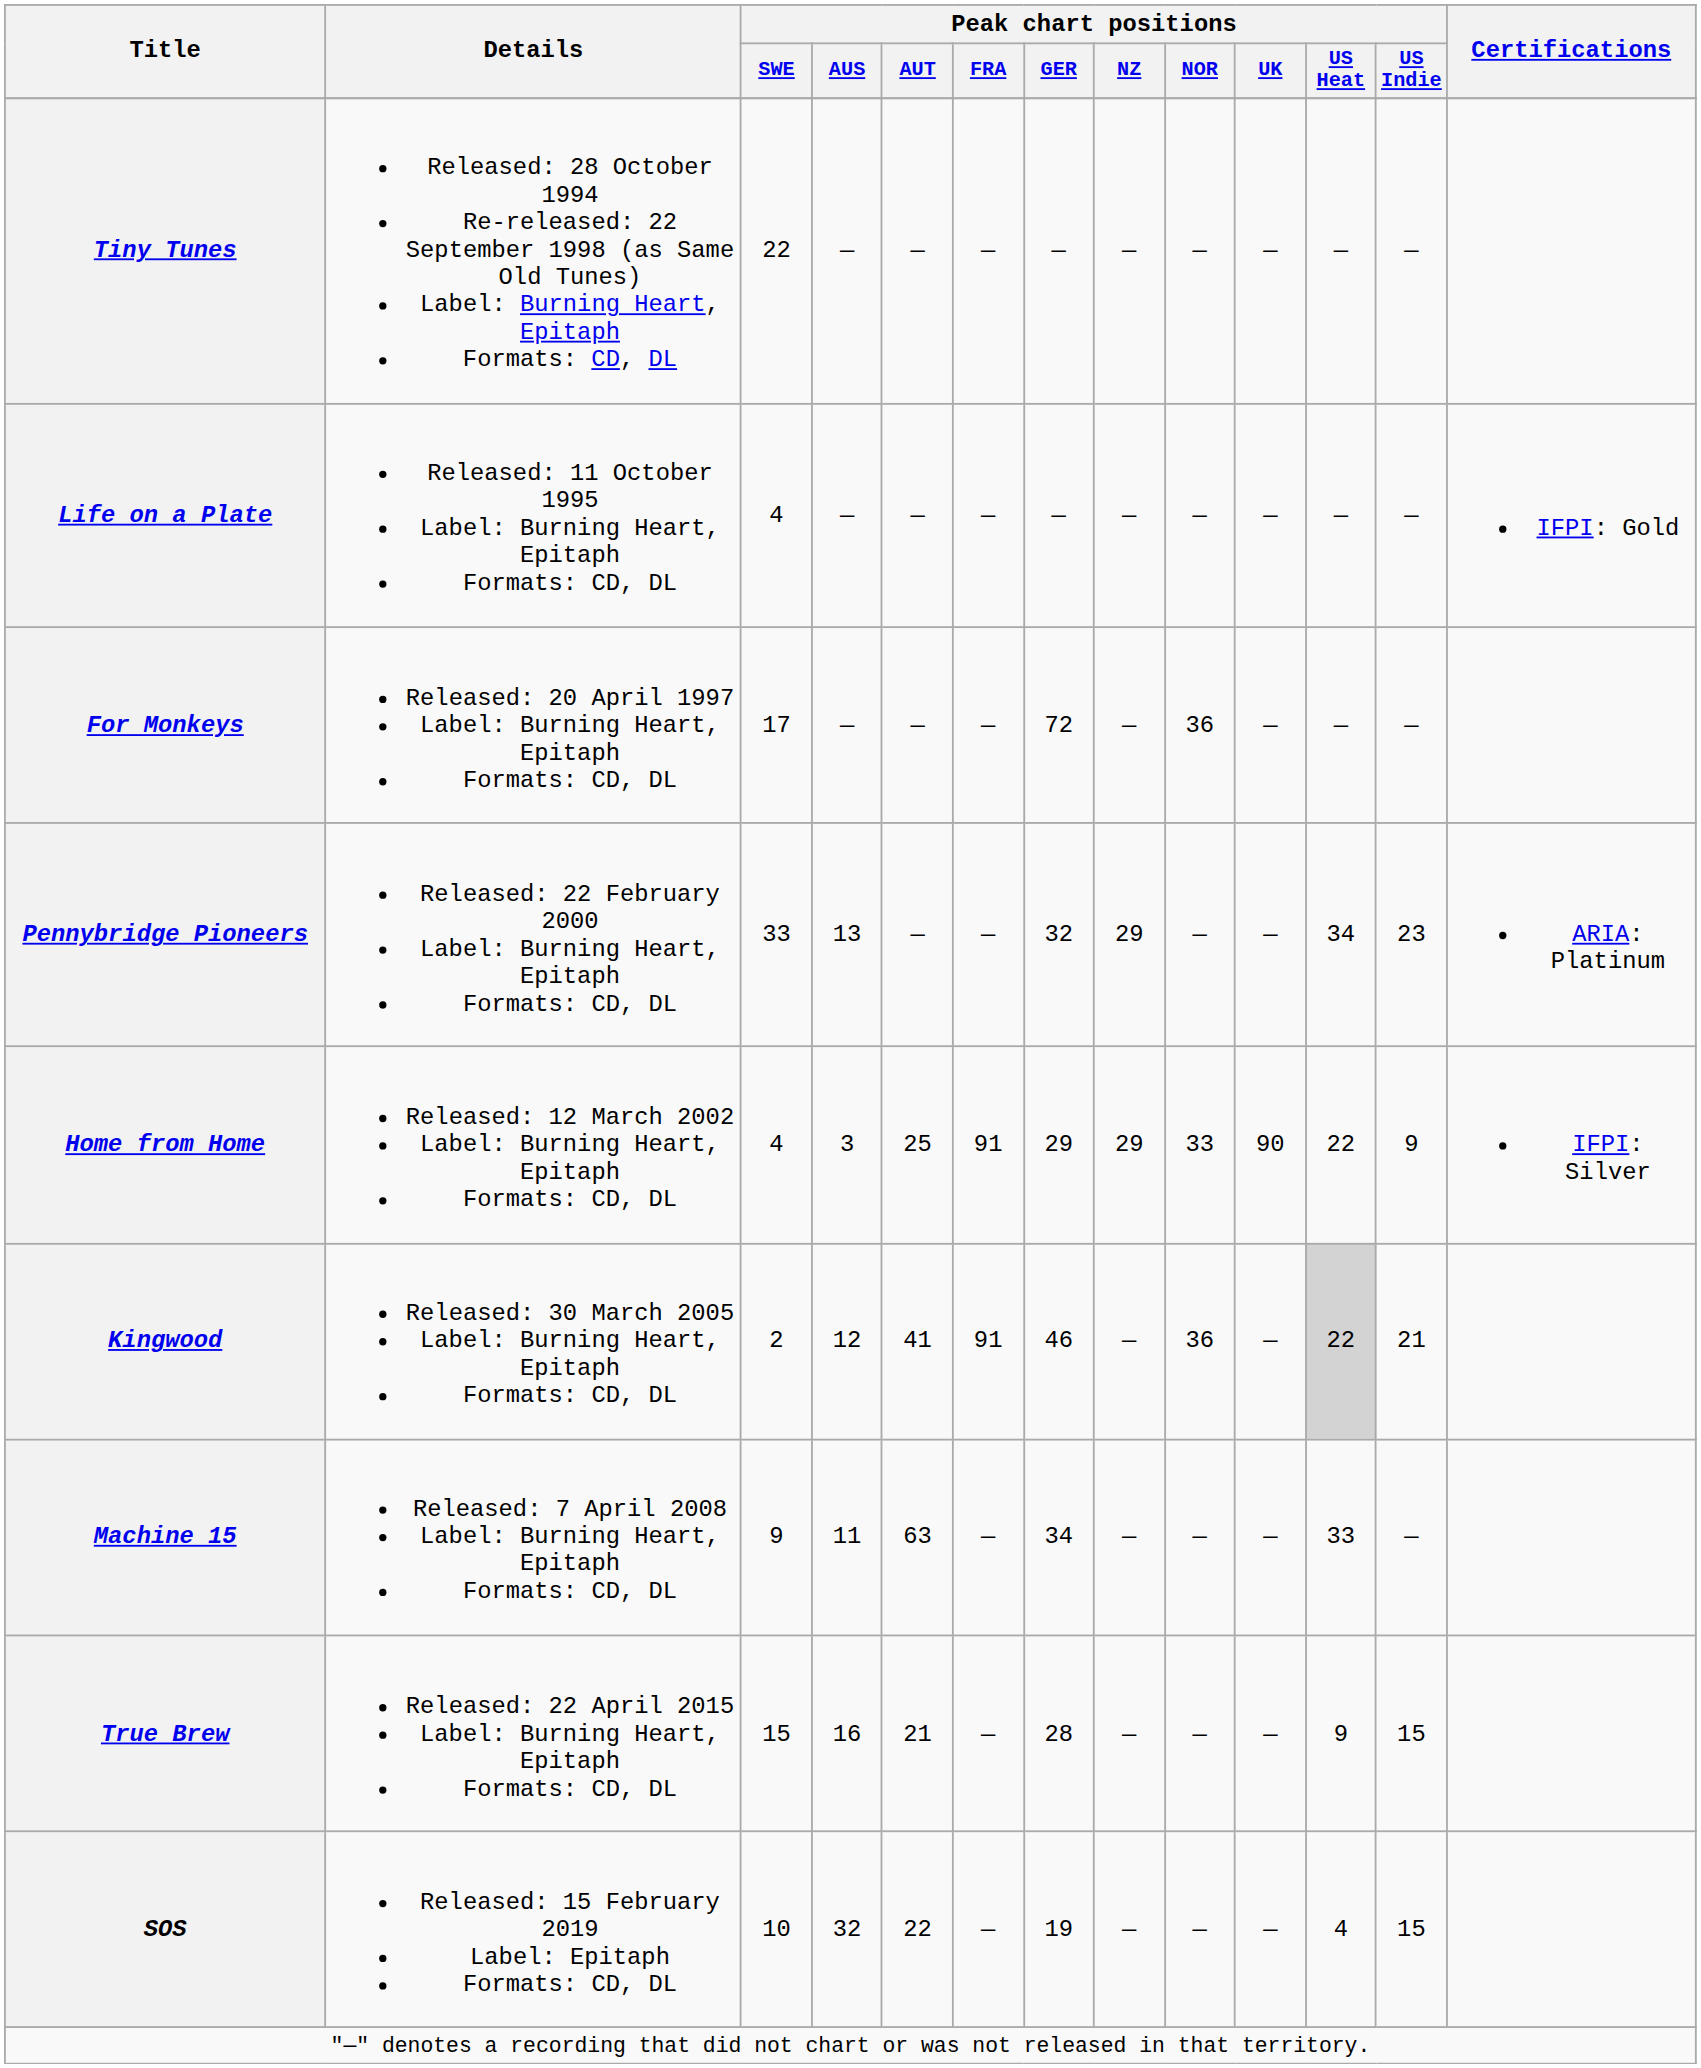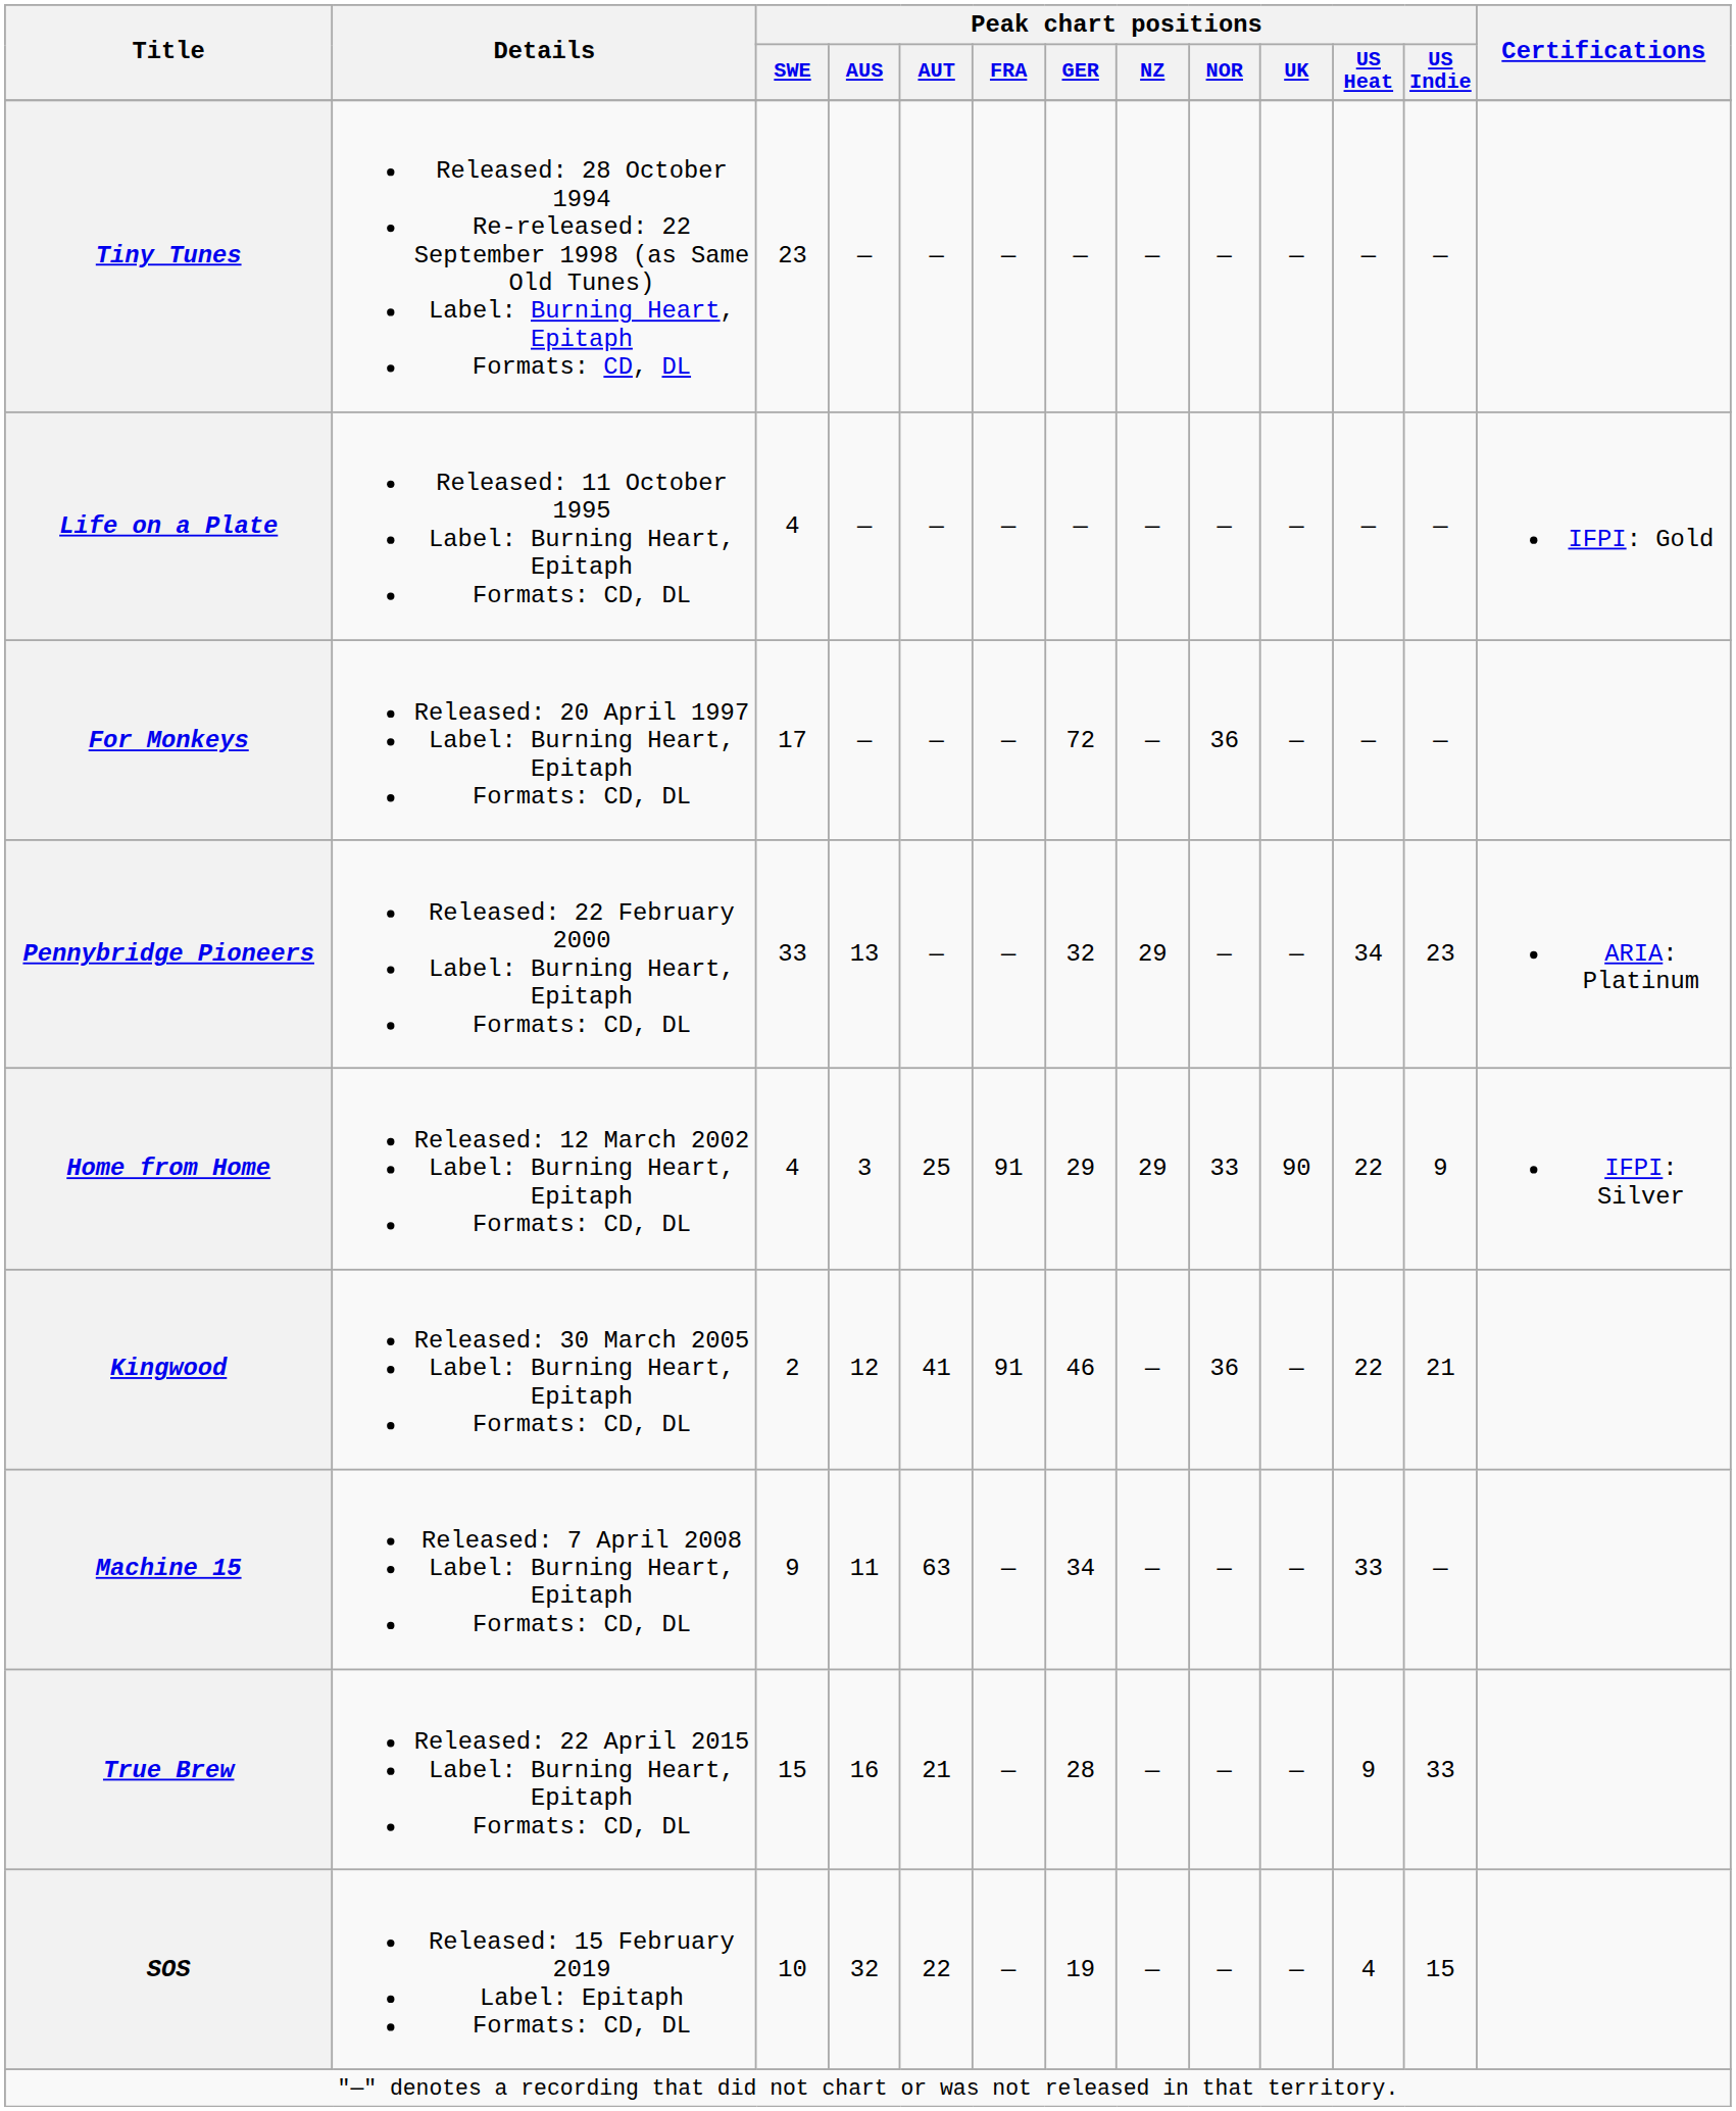 <table class="wikitable plainrowheaders" style="text-align:center;">
 <tr>
 <th scope="col" rowspan="2" style="width:13em;">Title</th>
 <th scope="col" rowspan="2" style="width:17em;">Details</th>
 <th scope="col" colspan="10">Peak chart positions</th>
 <th scope="col" rowspan="2" style="width:10em;"><a href='#'>Certifications</a></th>
 </tr>
 <tr>
 <th scope="col" style="width:3em;font-size:85%;"><a href='#'>SWE</a><br></th>
 <th scope="col" style="width:3em;font-size:85%;"><a href='#'>AUS</a><br></th>
 <th scope="col" style="width:3em;font-size:85%;"><a href='#'>AUT</a><br></th>
 <th scope="col" style="width:3em;font-size:85%;"><a href='#'>FRA</a><br></th>
 <th scope="col" style="width:3em;font-size:85%;"><a href='#'>GER</a><br></th>
 <th scope="col" style="width:3em;font-size:85%;"><a href='#'>NZ</a><br></th>
 <th scope="col" style="width:3em;font-size:85%;"><a href='#'>NOR</a><br></th>
 <th scope="col" style="width:3em;font-size:85%;"><a href='#'>UK</a><br></th>
 <th scope="col" style="width:3em;font-size:85%;"><a href='#'>US<br>Heat</a><br></th>
 <th scope="col" style="width:3em;font-size:85%;"><a href='#'>US<br>Indie</a><br></th>
 </tr>
 <tr>
 </tr>
 <tr>
 <th scope="row"><em><a href='#'>Tiny Tunes</a></em></th>
 <td><br><ul><li>Released: 28 October 1994</li><li>Re-released: 22 September 1998 (as Same Old Tunes)</li><li>Label: <a href='#'>Burning Heart</a>, <a href='#'>Epitaph</a></li><li>Formats: <a href='#'>CD</a>, <a href='#'>DL</a></li></ul></td>
-<td>22</td>
+<td>23</td>
 <td>—</td>
 <td>—</td>
 <td>—</td>
 <td>—</td>
 <td>—</td>
 <td>—</td>
 <td>—</td>
 <td>—</td>
 <td>—</td>
 <td></td>
 </tr>
 <tr>
 <th scope="row"><em><a href='#'>Life on a Plate</a></em></th>
 <td><br><ul><li>Released: 11 October 1995</li><li>Label: Burning Heart, Epitaph</li><li>Formats: CD, DL</li></ul></td>
 <td>4</td>
 <td>—</td>
 <td>—</td>
 <td>—</td>
 <td>—</td>
 <td>—</td>
 <td>—</td>
 <td>—</td>
 <td>—</td>
 <td>—</td>
 <td><br><ul><li><a href='#'>IFPI</a>: Gold</li></ul></td>
 </tr>
 <tr>
 <th scope="row"><em><a href='#'>For Monkeys</a></em></th>
 <td><br><ul><li>Released: 20 April 1997</li><li>Label: Burning Heart, Epitaph</li><li>Formats: CD, DL</li></ul></td>
 <td>17</td>
 <td>—</td>
 <td>—</td>
 <td>—</td>
 <td>72</td>
 <td>—</td>
 <td>36</td>
 <td>—</td>
 <td>—</td>
 <td>—</td>
 <td></td>
 </tr>
 <tr>
 <th scope="row"><em><a href='#'>Pennybridge Pioneers</a></em></th>
 <td><br><ul><li>Released: 22 February 2000</li><li>Label: Burning Heart, Epitaph</li><li>Formats: CD, DL</li></ul></td>
 <td>33</td>
 <td>13</td>
 <td>—</td>
 <td>—</td>
 <td>32</td>
 <td>29</td>
 <td>—</td>
 <td>—</td>
 <td>34</td>
 <td>23</td>
 <td><br><ul><li><a href='#'>ARIA</a>: Platinum</li></ul></td>
 </tr>
 <tr>
 <th scope="row"><em><a href='#'>Home from Home</a></em></th>
 <td><br><ul><li>Released: 12 March 2002</li><li>Label: Burning Heart, Epitaph</li><li>Formats: CD, DL</li></ul></td>
 <td>4</td>
 <td>3</td>
 <td>25</td>
 <td>91</td>
 <td>29</td>
 <td>29</td>
 <td>33</td>
 <td>90</td>
 <td>22</td>
 <td>9</td>
 <td><br><ul><li><a href='#'>IFPI</a>: Silver</li></ul></td>
 </tr>
 <tr>
 <th scope="row"><em><a href='#'>Kingwood</a></em></th>
 <td><br><ul><li>Released: 30 March 2005</li><li>Label: Burning Heart, Epitaph</li><li>Formats: CD, DL</li></ul></td>
 <td>2</td>
 <td>12</td>
 <td>41</td>
 <td>91</td>
 <td>46</td>
 <td>—</td>
 <td>36</td>
 <td>—</td>
-<td style="background: lightgrey;">22</td>
+<td>22</td>
 <td>21</td>
 <td></td>
 </tr>
 <tr>
 <th scope="row"><em><a href='#'>Machine 15</a></em></th>
 <td><br><ul><li>Released: 7 April 2008</li><li>Label: Burning Heart, Epitaph</li><li>Formats: CD, DL</li></ul></td>
 <td>9</td>
 <td>11</td>
 <td>63</td>
 <td>—</td>
 <td>34</td>
 <td>—</td>
 <td>—</td>
 <td>—</td>
 <td>33</td>
 <td>—</td>
 <td></td>
 </tr>
 <tr>
 <th scope="row"><em><a href='#'>True Brew</a></em></th>
 <td><br><ul><li>Released: 22 April 2015</li><li>Label: Burning Heart, Epitaph</li><li>Formats: CD, DL</li></ul></td>
 <td>15</td>
 <td>16</td>
 <td>21</td>
 <td>—</td>
 <td>28</td>
 <td>—</td>
 <td>—</td>
 <td>—</td>
 <td>9</td>
-<td>15</td>
+<td>33</td>
 <td></td>
 </tr>
 <tr>
 <th scope="row"><em>SOS</em></th>
 <td><br><ul><li>Released: 15 February 2019</li><li>Label: Epitaph</li><li>Formats: CD, DL</li></ul></td>
 <td>10<br></td>
 <td>32<br></td>
 <td>22</td>
 <td>—</td>
 <td>19</td>
 <td>—</td>
 <td>—</td>
 <td>—</td>
 <td>4</td>
 <td>15</td>
 <td></td>
 </tr>
 <tr>
 <td colspan="14" style="font-size:90%" style="text-align:center;">"—" denotes a recording that did not chart or was not released in that territory.</td>
 </tr>
 </table>
